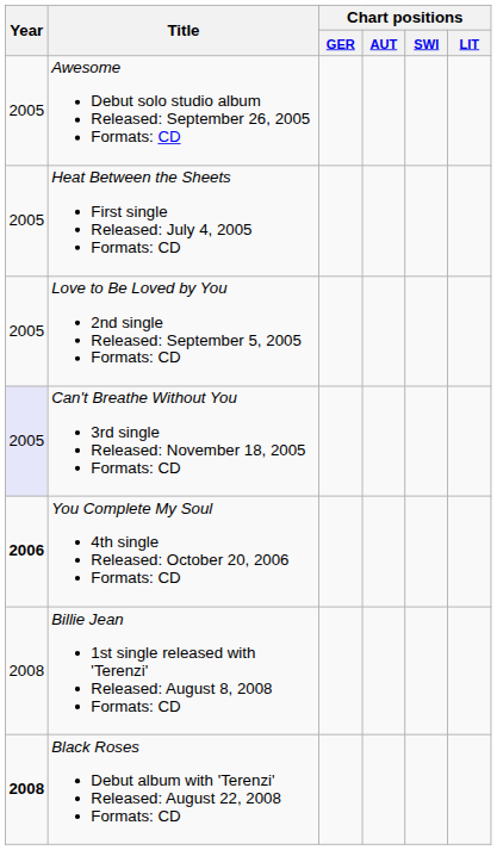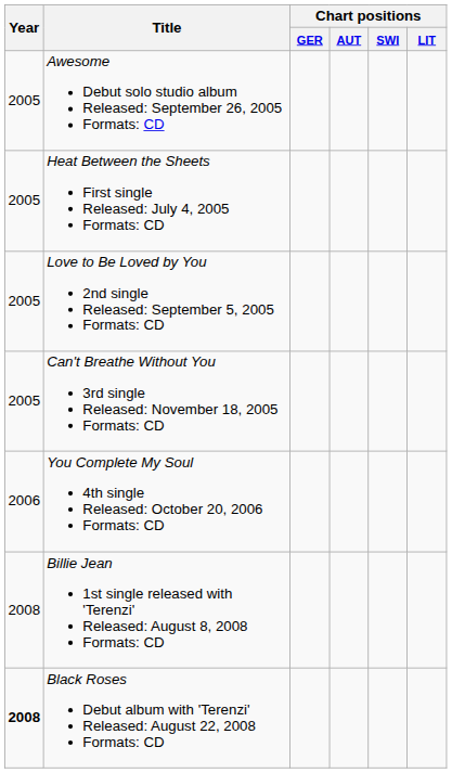 <table class="wikitable">
 <tr>
 <th width="2" rowspan="2">Year</th>
 <th width="267" rowspan="2">Title</th>
 <th colspan="4">Chart positions</th>
 </tr>
 <tr>
 <th width="36"><small><a href='#'>GER</a></small></th>
 <th width="36"><small><a href='#'>AUT</a></small></th>
 <th width="36"><small><a href='#'>SWI</a></small></th>
 <th width="36"><small><a href='#'>LIT</a></small></th>
 </tr>
 <tr>
 <td>2005</td>
 <td><em>Awesome</em><br><ul><li>Debut solo studio album</li><li>Released: September 26, 2005</li><li>Formats: <a href='#'>CD</a></li></ul></td>
 <td></td>
 <td></td>
 <td></td>
 <td></td>
 </tr>
 <tr>
 <td>2005</td>
 <td><em>Heat Between the Sheets</em><br><ul><li>First single</li><li>Released: July 4, 2005</li><li>Formats: CD</li></ul></td>
 <td></td>
 <td></td>
 <td></td>
 <td></td>
 </tr>
 <tr>
 <td>2005</td>
 <td><em>Love to Be Loved by You</em><br><ul><li>2nd single</li><li>Released: September 5, 2005</li><li>Formats: CD</li></ul></td>
 <td></td>
 <td></td>
 <td></td>
 <td></td>
 </tr>
 <tr>
-<td style="background: lavender;">2005</td>
+<td>2005</td>
 <td><em>Can't Breathe Without You</em><br><ul><li>3rd single</li><li>Released: November 18, 2005</li><li>Formats: CD</li></ul></td>
 <td></td>
 <td></td>
 <td></td>
 <td></td>
 </tr>
 <tr>
-<td><strong>2006</strong></td>
+<td>2006</td>
 <td><em>You Complete My Soul</em><br><ul><li>4th single</li><li>Released: October 20, 2006</li><li>Formats: CD</li></ul></td>
 <td></td>
 <td></td>
 <td></td>
 <td></td>
 </tr>
 <tr>
 <td>2008</td>
 <td><em>Billie Jean</em><br><ul><li>1st single released with 'Terenzi'</li><li>Released: August 8, 2008</li><li>Formats: CD</li></ul></td>
 <td></td>
 <td></td>
 <td></td>
 <td></td>
 </tr>
 <tr>
 <td><strong>2008</strong></td>
 <td><em>Black Roses</em><br><ul><li>Debut album with 'Terenzi'</li><li>Released: August 22, 2008</li><li>Formats: CD</li></ul></td>
 <td></td>
 <td></td>
 <td></td>
 <td></td>
 </tr>
 </table>
